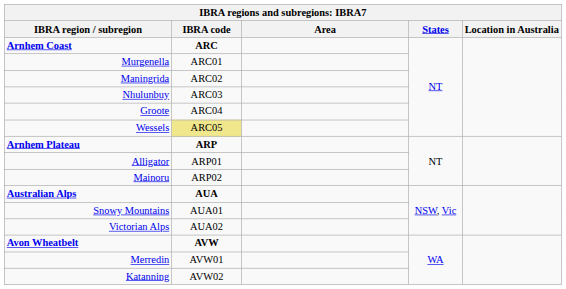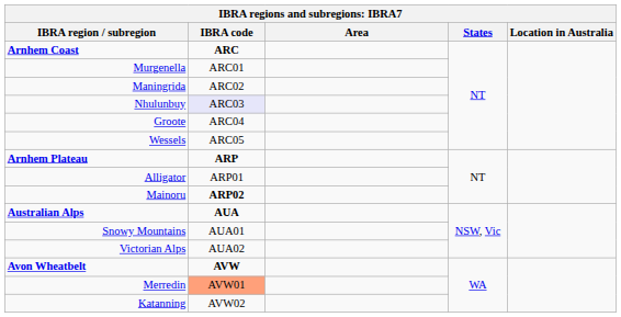 <table class="wikitable sortable">
 <tr>
 <th colspan=5>IBRA regions and subregions: IBRA7</th>
 </tr>
 <tr>
 <th scope="col" style="width:250px;">IBRA region / subregion</th>
 <th scope="col" style="width:100px;">IBRA code</th>
 <th scope="col" style="width:250px;">Area</th>
 <th scope="col" style="width:75px;"><a href='#'>States</a></th>
 <th>Location in Australia</th>
 </tr>
 <tr>
 <td><strong><a href='#'>Arnhem Coast</a></strong></td>
 <td style="text-align:center;"><strong>ARC</strong></td>
 <td align="right"><strong></strong></td>
 <td style="text-align:center;" rowspan="6"><a href='#'>NT</a></td>
 <td style="text-align:center;" rowspan="6"></td>
 </tr>
 <tr>
 <td align="right"><a href='#'>Murgenella</a></td>
 <td style="text-align:center;">ARC01</td>
 <td align="right"></td>
 </tr>
 <tr>
 <td align="right"><a href='#'>Maningrida</a></td>
 <td style="text-align:center;">ARC02</td>
 <td align="right"></td>
 </tr>
 <tr>
 <td align="right"><a href='#'>Nhulunbuy</a></td>
-<td style="text-align:center;">ARC03</td>
+<td style="background: lavender; text-align:center;">ARC03</td>
 <td align="right"></td>
 </tr>
 <tr>
 <td align="right"><a href='#'>Groote</a></td>
 <td style="text-align:center;">ARC04</td>
 <td align="right"></td>
 </tr>
 <tr>
 <td align="right"><a href='#'>Wessels</a></td>
-<td style="background: khaki; text-align:center;">ARC05</td>
+<td style="text-align:center;">ARC05</td>
 <td align="right"></td>
 </tr>
 <tr>
 <td><strong><a href='#'>Arnhem Plateau</a></strong></td>
 <td style="text-align:center;"><strong>ARP</strong></td>
 <td align="right"><strong></strong></td>
 <td style="text-align:center;" rowspan="3">NT</td>
 <td style="text-align:center;" rowspan="3"></td>
 </tr>
 <tr>
 <td align="right"><a href='#'>Alligator</a></td>
 <td style="text-align:center;">ARP01</td>
 <td align="right"></td>
 </tr>
 <tr>
 <td align="right"><a href='#'>Mainoru</a></td>
-<td style="text-align:center;">ARP02</td>
+<td style="text-align:center;"><strong>ARP02</strong></td>
 <td align="right"></td>
 </tr>
 <tr>
 <td><strong><a href='#'>Australian Alps</a></strong></td>
 <td style="text-align:center;"><strong>AUA</strong></td>
 <td align="right"><strong></strong></td>
 <td style="text-align:center;" rowspan="3"><a href='#'>NSW</a>, <a href='#'>Vic</a></td>
 <td style="text-align:center;" rowspan="3"></td>
 </tr>
 <tr>
 <td align="right"><a href='#'>Snowy Mountains</a></td>
 <td style="text-align:center;">AUA01</td>
 <td align="right"></td>
 </tr>
 <tr>
 <td align="right"><a href='#'>Victorian Alps</a></td>
 <td style="text-align:center;">AUA02</td>
 <td align="right"></td>
 </tr>
 <tr>
 <td><strong><a href='#'>Avon Wheatbelt</a></strong></td>
 <td style="text-align:center;"><strong>AVW</strong></td>
 <td align="right"><strong></strong></td>
 <td style="text-align:center;" rowspan="3"><a href='#'>WA</a></td>
 <td style="text-align:center;" rowspan="3"></td>
 </tr>
 <tr>
 <td align="right"><a href='#'>Merredin</a></td>
-<td style="text-align:center;">AVW01</td>
+<td style="background: lightsalmon; text-align:center;">AVW01</td>
 <td align="right"></td>
 </tr>
 <tr>
 <td align="right"><a href='#'>Katanning</a></td>
 <td style="text-align:center;">AVW02</td>
 <td align="right"></td>
 </tr>
 </table>
